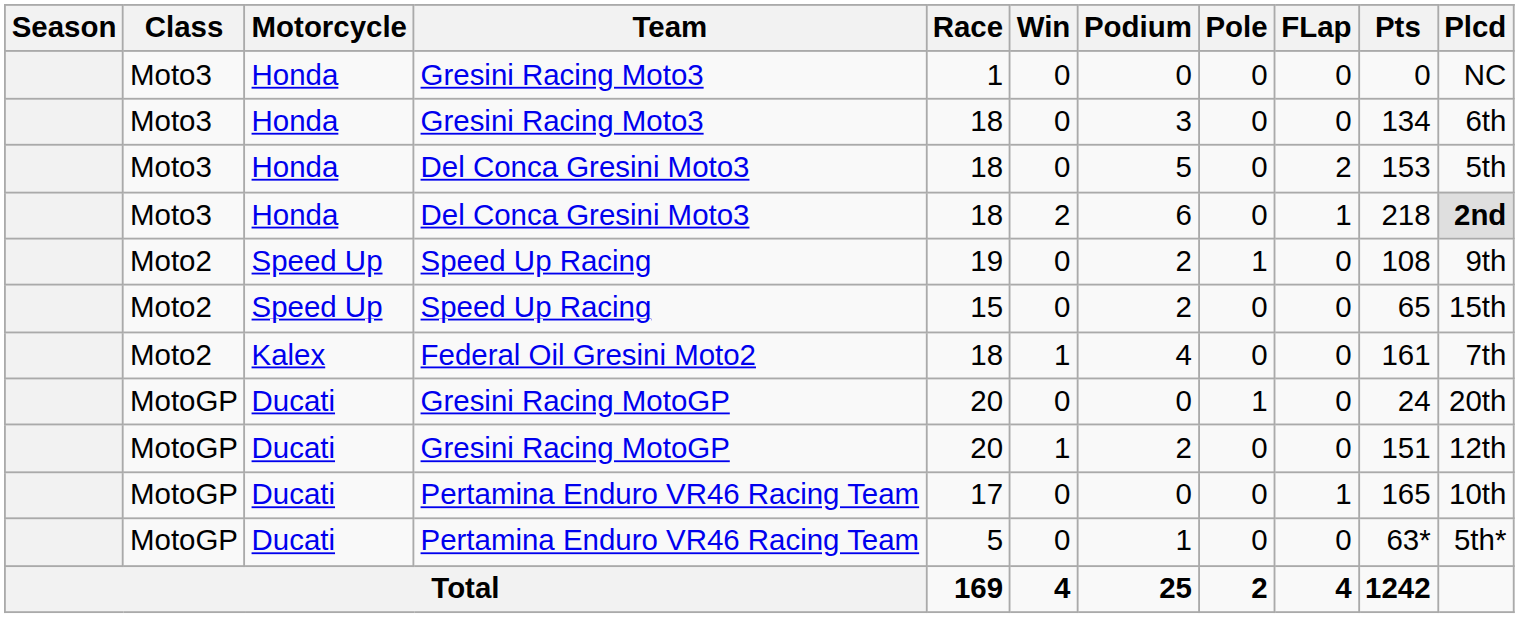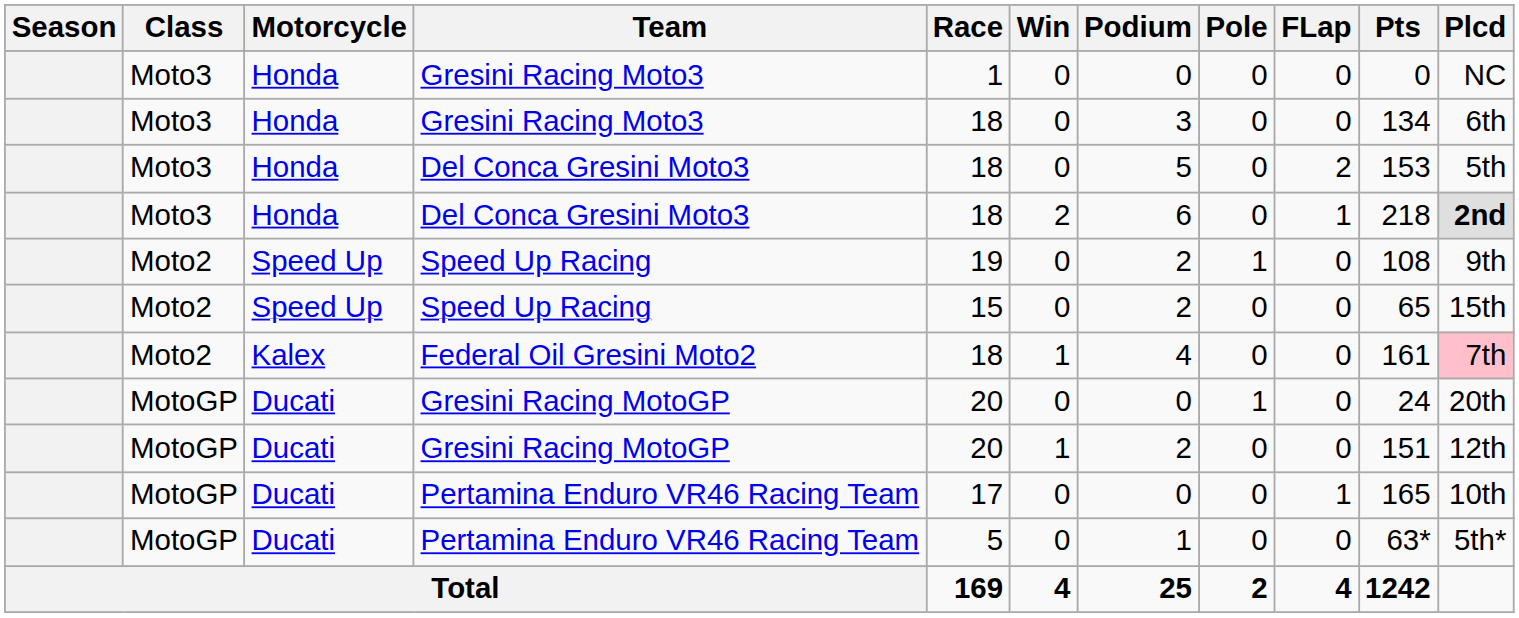 <table class="wikitable" style="text-align:right;">
 <tr>
 <th>Season</th>
 <th>Class</th>
 <th>Motorcycle</th>
 <th>Team</th>
 <th>Race</th>
 <th>Win</th>
 <th>Podium</th>
 <th>Pole</th>
 <th>FLap</th>
 <th>Pts</th>
 <th>Plcd</th>
 </tr>
 <tr>
 <th></th>
 <td style="text-align:left;">Moto3</td>
 <td style="text-align:left;"><a href='#'>Honda</a></td>
 <td style="text-align:left;"><a href='#'>Gresini Racing Moto3</a></td>
 <td>1</td>
 <td>0</td>
 <td>0</td>
 <td>0</td>
 <td>0</td>
 <td>0</td>
 <td>NC</td>
 </tr>
 <tr>
 <th></th>
 <td style="text-align:left;">Moto3</td>
 <td style="text-align:left;"><a href='#'>Honda</a></td>
 <td style="text-align:left;"><a href='#'>Gresini Racing Moto3</a></td>
 <td>18</td>
 <td>0</td>
 <td>3</td>
 <td>0</td>
 <td>0</td>
 <td>134</td>
 <td>6th</td>
 </tr>
 <tr>
 <th></th>
 <td style="text-align:left;">Moto3</td>
 <td style="text-align:left;"><a href='#'>Honda</a></td>
 <td style="text-align:left;"><a href='#'>Del Conca Gresini Moto3</a></td>
 <td>18</td>
 <td>0</td>
 <td>5</td>
 <td>0</td>
 <td>2</td>
 <td>153</td>
 <td>5th</td>
 </tr>
 <tr>
 <th></th>
 <td style="text-align:left;">Moto3</td>
 <td style="text-align:left;"><a href='#'>Honda</a></td>
 <td style="text-align:left;"><a href='#'>Del Conca Gresini Moto3</a></td>
 <td>18</td>
 <td>2</td>
 <td>6</td>
 <td>0</td>
 <td>1</td>
 <td>218</td>
 <td style="background:#DFDFDF;"><strong>2nd</strong></td>
 </tr>
 <tr>
 <th></th>
 <td style="text-align:left;">Moto2</td>
 <td style="text-align:left;"><a href='#'>Speed Up</a></td>
 <td style="text-align:left;"><a href='#'>Speed Up Racing</a></td>
 <td>19</td>
 <td>0</td>
 <td>2</td>
 <td>1</td>
 <td>0</td>
 <td>108</td>
 <td>9th</td>
 </tr>
 <tr>
 <th></th>
 <td style="text-align:left;">Moto2</td>
 <td style="text-align:left;"><a href='#'>Speed Up</a></td>
 <td style="text-align:left;"><a href='#'>Speed Up Racing</a></td>
 <td>15</td>
 <td>0</td>
 <td>2</td>
 <td>0</td>
 <td>0</td>
 <td>65</td>
 <td>15th</td>
 </tr>
 <tr>
 <th></th>
 <td style="text-align:left;">Moto2</td>
 <td style="text-align:left;"><a href='#'>Kalex</a></td>
 <td style="text-align:left;"><a href='#'>Federal Oil Gresini Moto2</a></td>
 <td>18</td>
 <td>1</td>
 <td>4</td>
 <td>0</td>
 <td>0</td>
 <td>161</td>
-<td>7th</td>
+<td style="background: pink;">7th</td>
 </tr>
 <tr>
 <th></th>
 <td style="text-align:left;">MotoGP</td>
 <td style="text-align:left;"><a href='#'>Ducati</a></td>
 <td style="text-align:left;"><a href='#'>Gresini Racing MotoGP</a></td>
 <td>20</td>
 <td>0</td>
 <td>0</td>
 <td>1</td>
 <td>0</td>
 <td>24</td>
 <td>20th</td>
 </tr>
 <tr>
 <th></th>
 <td style="text-align:left;">MotoGP</td>
 <td style="text-align:left;"><a href='#'>Ducati</a></td>
 <td style="text-align:left;"><a href='#'>Gresini Racing MotoGP</a></td>
 <td>20</td>
 <td>1</td>
 <td>2</td>
 <td>0</td>
 <td>0</td>
 <td>151</td>
 <td>12th</td>
 </tr>
 <tr>
 <th></th>
 <td style="text-align:left;">MotoGP</td>
 <td style="text-align:left;"><a href='#'>Ducati</a></td>
 <td style="text-align:left;"><a href='#'>Pertamina Enduro VR46 Racing Team</a></td>
 <td>17</td>
 <td>0</td>
 <td>0</td>
 <td>0</td>
 <td>1</td>
 <td>165</td>
 <td>10th</td>
 </tr>
 <tr>
 <th></th>
 <td style="text-align:left;">MotoGP</td>
 <td style="text-align:left;"><a href='#'>Ducati</a></td>
 <td style="text-align:left;"><a href='#'>Pertamina Enduro VR46 Racing Team</a></td>
 <td>5</td>
 <td>0</td>
 <td>1</td>
 <td>0</td>
 <td>0</td>
 <td>63*</td>
 <td>5th*</td>
 </tr>
 <tr>
 <th colspan="4">Total</th>
 <td><strong>169</strong></td>
 <td><strong>4</strong></td>
 <td><strong>25</strong></td>
 <td><strong>2</strong></td>
 <td><strong>4</strong></td>
 <td><strong>1242</strong></td>
 <td></td>
 </tr>
 </table>
